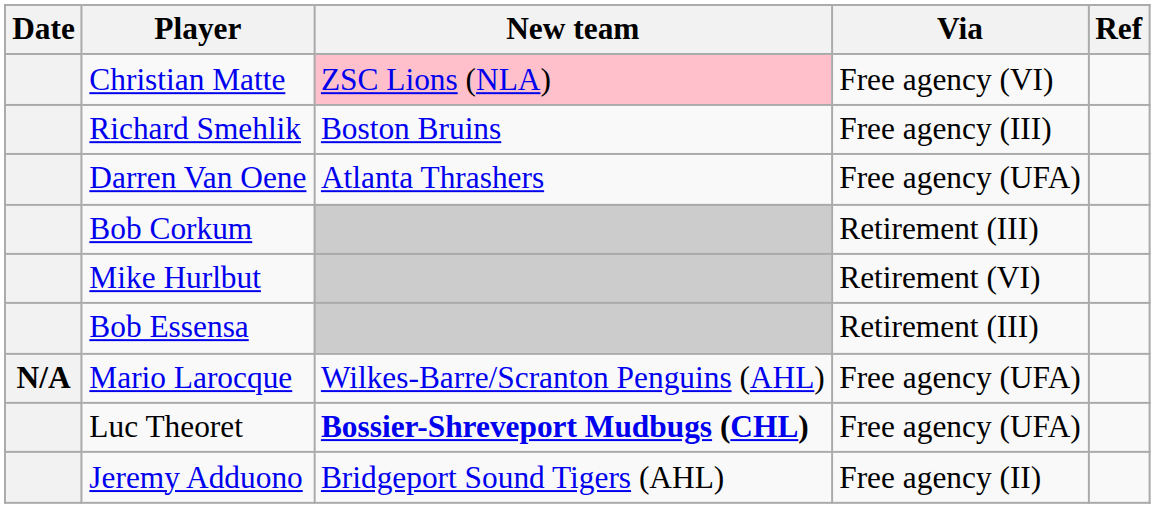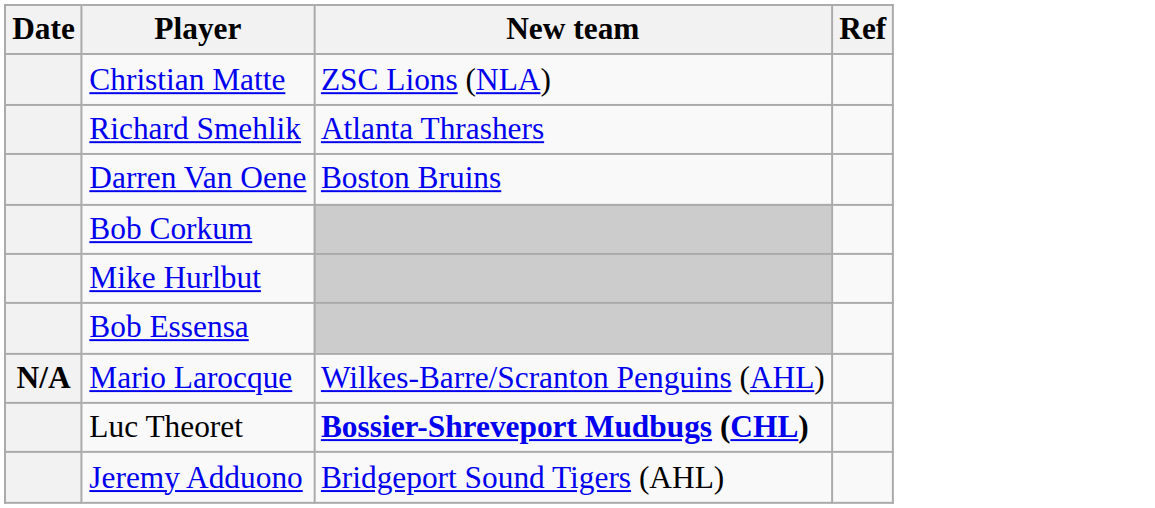 <table class="wikitable plainrowheaders">
 <tr style="background:#ddd; text-align:center;">
 <th>Date</th>
 <th>Player</th>
 <th>New team</th>
-<th>Via</th>
 <th>Ref</th>
 </tr>
 <tr>
 <th scope="row"></th>
 <td><a href='#'>Christian Matte</a></td>
-<td style="background: pink;"><a href='#'>ZSC Lions</a> (<a href='#'>NLA</a>)</td>
-<td>Free agency (VI)</td>
+<td><a href='#'>ZSC Lions</a> (<a href='#'>NLA</a>)</td>
 <td></td>
 </tr>
 <tr>
 <th scope="row"></th>
 <td><a href='#'>Richard Smehlik</a></td>
-<td><a href='#'>Boston Bruins</a></td>
-<td>Free agency (III)</td>
+<td><a href='#'>Atlanta Thrashers</a></td>
 <td></td>
 </tr>
 <tr>
 <th scope="row"></th>
 <td><a href='#'>Darren Van Oene</a></td>
-<td><a href='#'>Atlanta Thrashers</a></td>
-<td>Free agency (UFA)</td>
+<td><a href='#'>Boston Bruins</a></td>
 <td></td>
 </tr>
 <tr>
 <th scope="row"></th>
 <td><a href='#'>Bob Corkum</a></td>
 <td style="background:#ccc"></td>
-<td>Retirement (III)</td>
 <td></td>
 </tr>
 <tr>
 <th scope="row"></th>
 <td><a href='#'>Mike Hurlbut</a></td>
 <td style="background:#ccc"></td>
-<td>Retirement (VI)</td>
 <td></td>
 </tr>
 <tr>
 <th scope="row"></th>
 <td><a href='#'>Bob Essensa</a></td>
 <td style="background:#ccc"></td>
-<td>Retirement (III)</td>
 <td></td>
 </tr>
 <tr>
 <th scope="row">N/A</th>
 <td><a href='#'>Mario Larocque</a></td>
 <td><a href='#'>Wilkes-Barre/Scranton Penguins</a> (<a href='#'>AHL</a>)</td>
-<td>Free agency (UFA)</td>
 <td></td>
 </tr>
 <tr>
 <th scope="row"></th>
 <td>Luc Theoret</td>
 <td><strong><a href='#'>Bossier-Shreveport Mudbugs</a> (<a href='#'>CHL</a>)</strong></td>
-<td>Free agency (UFA)</td>
 <td></td>
 </tr>
 <tr>
 <th scope="row"></th>
 <td><a href='#'>Jeremy Adduono</a></td>
 <td><a href='#'>Bridgeport Sound Tigers</a> (AHL)</td>
-<td>Free agency (II)</td>
 <td></td>
 </tr>
 </table>
